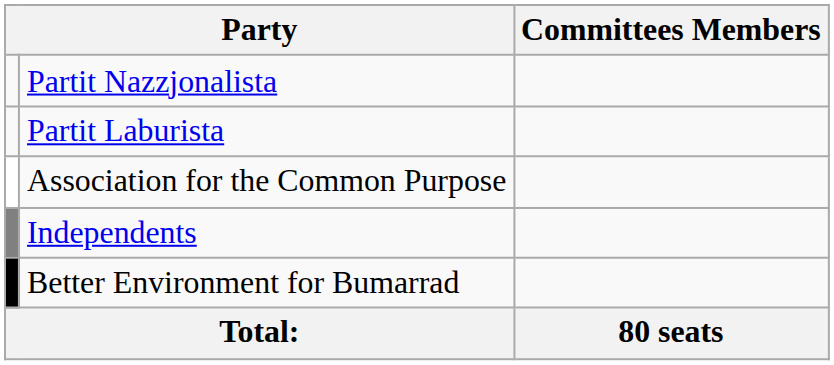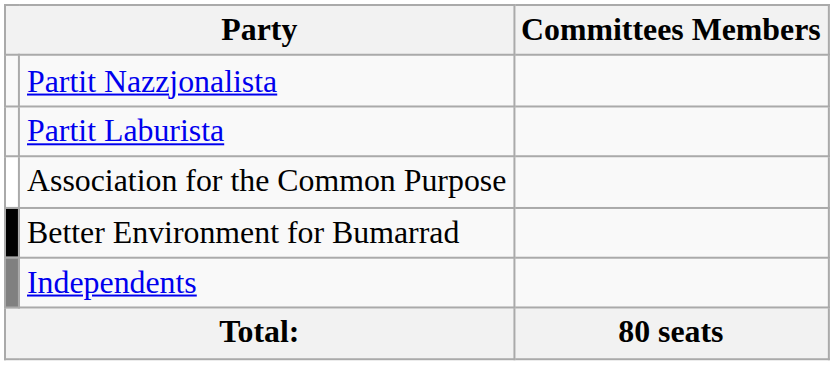 <table class="wikitable">
 <tr>
 <th colspan="2">Party</th>
 <th>Committees Members</th>
 </tr>
 <tr>
 <td style="background-color:"></td>
 <td><a href='#'>Partit Nazzjonalista</a></td>
 <td></td>
 </tr>
 <tr>
 <td style="background-color:"></td>
 <td><a href='#'>Partit Laburista</a></td>
 <td></td>
 </tr>
 <tr>
 <td style="background-color:white"></td>
 <td>Association for the Common Purpose</td>
 <td></td>
 </tr>
 <tr>
-<td style="background-color:gray"></td>
-<td><a href='#'>Independents</a></td>
+<td style="background-color:black"></td>
+<td>Better Environment for Bumarrad</td>
 <td></td>
 </tr>
 <tr>
-<td style="background-color:black"></td>
-<td>Better Environment for Bumarrad</td>
+<td style="background-color:gray"></td>
+<td><a href='#'>Independents</a></td>
 <td></td>
 </tr>
 <tr>
 <th colspan="2">Total:</th>
 <th>80 seats</th>
 </tr>
 </table>
